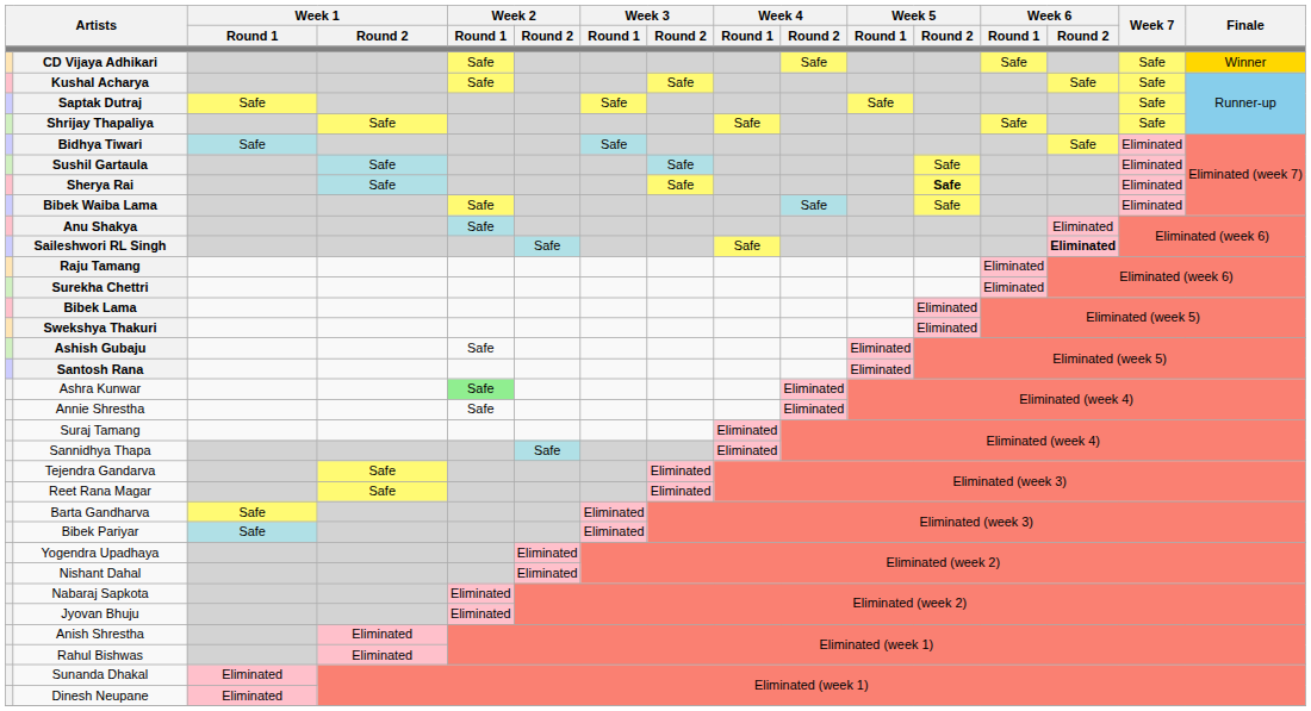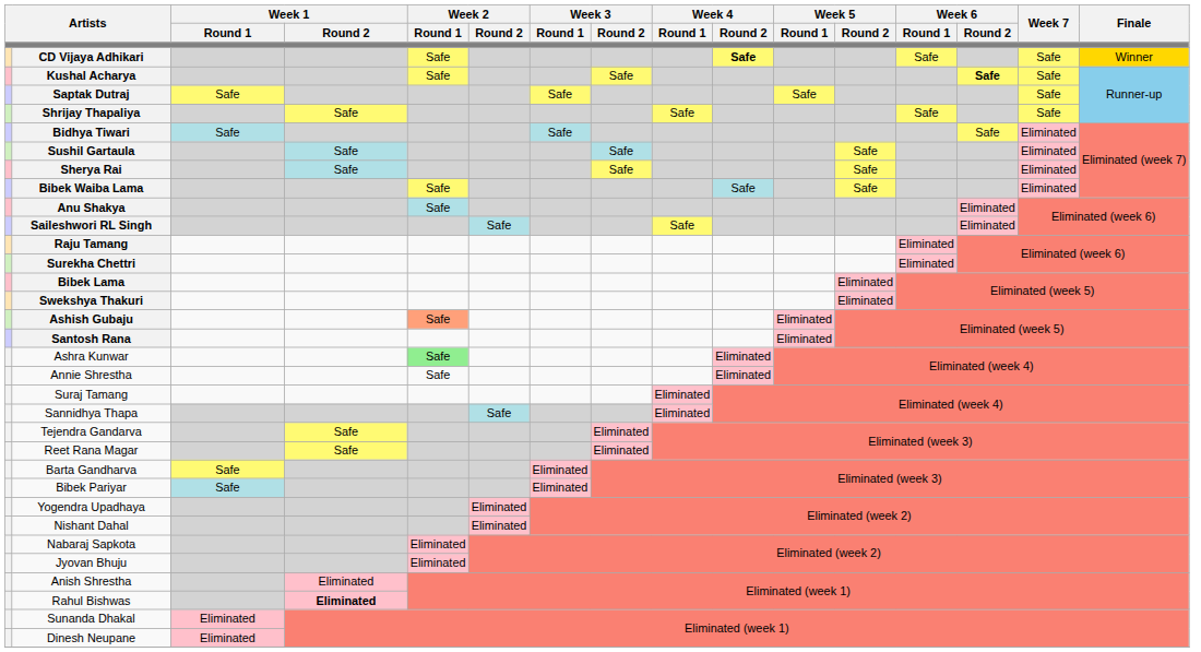 <table class="wikitable plainrowheaders" style="text-align:center; font-size:85%">
 <tr>
 <th colspan="2" rowspan="2" style="width:14%;">Artists</th>
 <th colspan="2" scope="col" style="width:20%;">Week 1</th>
 <th colspan="2" scope="col">Week 2</th>
 <th colspan="2" scope="col">Week 3</th>
 <th colspan="2" scope="col">Week 4</th>
 <th colspan="2" scope="col">Week 5</th>
 <th colspan="2" scope="col">Week 6</th>
 <th rowspan="2">Week 7</th>
 <th rowspan="2">Finale</th>
 </tr>
 <tr>
 <th scope="col">Round 1</th>
 <th scope="col">Round 2</th>
 <th scope="col">Round 1</th>
 <th scope="col">Round 2</th>
 <th scope="col">Round 1</th>
 <th scope="col">Round 2</th>
 <th scope="col">Round 1</th>
 <th scope="col">Round 2</th>
 <th scope="col">Round 1</th>
 <th scope="col">Round 2</th>
 <th scope="col">Round 1</th>
 <th scope="col">Round 2</th>
 </tr>
 <tr>
 <th colspan="20" style="background:gray;"></th>
 </tr>
 <tr>
 <th style="background:#ffe5b4;"></th>
 <th>CD Vijaya Adhikari</th>
 <td style="background:lightgray;"></td>
 <td style="background:lightgray;"></td>
 <td style="background:#fffa73;">Safe</td>
 <td style="background:lightgray;"></td>
 <td style="background:lightgray;"></td>
 <td style="background:lightgray;"></td>
 <td style="background:lightgray;"></td>
-<td style="background:#fffa73;">Safe</td>
+<td style="background:#fffa73;"><strong>Safe</strong></td>
 <td style="background:lightgray;"></td>
 <td style="background:lightgray;"></td>
 <td style="background:#fffa73;">Safe</td>
 <td style="background:lightgray;"></td>
 <td style="background:#fffa73;">Safe</td>
 <td style="background:gold;">Winner</td>
 </tr>
 <tr>
 <th style="background:pink;"></th>
 <th>Kushal Acharya</th>
 <td style="background:lightgray;"></td>
 <td style="background:lightgray;"></td>
 <td style="background:#fffa73;">Safe</td>
 <td style="background:lightgray;"></td>
 <td style="background:lightgray;"></td>
 <td style="background:#fffa73;">Safe</td>
 <td style="background:lightgray;"></td>
 <td style="background:lightgray;"></td>
 <td style="background:lightgray;"></td>
 <td style="background:lightgray;"></td>
 <td style="background:lightgray;"></td>
-<td style="background:#fffa73;">Safe</td>
+<td style="background:#fffa73;"><strong>Safe</strong></td>
 <td style="background:#fffa73;">Safe</td>
 <td rowspan="3" style="background:#87ceeb;">Runner-up</td>
 </tr>
 <tr>
 <th style="background:#ccf;"></th>
 <th>Saptak Dutraj</th>
 <td style="background:#fffa73;">Safe</td>
 <td style="background:lightgray;"></td>
 <td style="background:lightgray;"></td>
 <td style="background:lightgray;"></td>
 <td style="background:#fffa73;">Safe</td>
 <td style="background:lightgray;"></td>
 <td style="background:lightgray;"></td>
 <td style="background:lightgray;"></td>
 <td style="background:#fffa73;">Safe</td>
 <td style="background:lightgray;"></td>
 <td style="background:lightgray;"></td>
 <td style="background:lightgray;"></td>
 <td style="background:#fffa73;">Safe</td>
 </tr>
 <tr>
 <th style="background:#d0f0c0;"></th>
 <th>Shrijay Thapaliya</th>
 <td style="background:lightgray;"></td>
 <td style="background:#fffa73;">Safe</td>
 <td style="background:lightgray;"></td>
 <td style="background:lightgray;"></td>
 <td style="background:lightgray;"></td>
 <td style="background:lightgray;"></td>
 <td style="background:#fffa73;">Safe</td>
 <td style="background:lightgray;"></td>
 <td style="background:lightgray;"></td>
 <td style="background:lightgray;"></td>
 <td style="background:#fffa73;">Safe</td>
 <td style="background:lightgray;"></td>
 <td style="background:#fffa73;">Safe</td>
 </tr>
 <tr>
 <td style="background:#ccf;"></td>
 <th>Bidhya Tiwari</th>
 <td style="background:#b0e0e6;">Safe</td>
 <td style="background:lightgray;"></td>
 <td style="background:lightgray;"></td>
 <td style="background:lightgray;"></td>
 <td style="background:#b0e0e6;">Safe</td>
 <td style="background:lightgray;"></td>
 <td style="background:lightgray;"></td>
 <td style="background:lightgray;"></td>
 <td style="background:lightgray;"></td>
 <td style="background:lightgray;"></td>
 <td style="background:lightgray;"></td>
 <td style="background:#fffa73;">Safe</td>
 <td style="background:pink">Eliminated</td>
 <td rowspan="4" style="background:salmon">Eliminated (week 7)</td>
 </tr>
 <tr>
 <td bgcolor="#d0f0c0"></td>
 <th>Sushil Gartaula</th>
 <td style="background:lightgray;"></td>
 <td style="background:#b0e0e6;">Safe</td>
 <td style="background:lightgray;"></td>
 <td style="background:lightgray;"></td>
 <td style="background:lightgray;"></td>
 <td style="background:#b0e0e6;">Safe</td>
 <td style="background:lightgray;"></td>
 <td style="background:lightgray;"></td>
 <td style="background:lightgray;"></td>
 <td style="background:#fffa73;">Safe</td>
 <td style="background:lightgray;"></td>
 <td style="background:lightgray;"></td>
 <td style="background:pink">Eliminated</td>
 </tr>
 <tr>
 <th style="background:pink;"></th>
 <th>Sherya Rai</th>
 <td style="background:lightgray;"></td>
 <td style="background:#b0e0e6;">Safe</td>
 <td style="background:lightgray;"></td>
 <td style="background:lightgray;"></td>
 <td style="background:lightgray;"></td>
 <td style="background:#fffa73;">Safe</td>
 <td style="background:lightgray;"></td>
 <td style="background:lightgray;"></td>
 <td style="background:lightgray;"></td>
-<td style="background:#fffa73;"><strong>Safe</strong></td>
+<td style="background:#fffa73;">Safe</td>
 <td style="background:lightgray;"></td>
 <td style="background:lightgray;"></td>
 <td style="background:pink">Eliminated</td>
 </tr>
 <tr>
 <th style="background:#ccf;"></th>
 <th>Bibek Waiba Lama</th>
 <td style="background:lightgray;"></td>
 <td style="background:lightgray;"></td>
 <td style="background:#fffa73;">Safe</td>
 <td style="background:lightgray;"></td>
 <td style="background:lightgray;"></td>
 <td style="background:lightgray;"></td>
 <td style="background:lightgray;"></td>
 <td style="background:#b0e0e6;">Safe</td>
 <td style="background:lightgray;"></td>
 <td style="background:#fffa73;">Safe</td>
 <td style="background:lightgray;"></td>
 <td style="background:lightgray;"></td>
 <td style="background:pink">Eliminated</td>
 </tr>
 <tr>
 <th style="background:pink;"></th>
 <th>Anu Shakya</th>
 <td style="background:lightgray;"></td>
 <td style="background:lightgray;"></td>
 <td style="background:#b0e0e6;">Safe</td>
 <td style="background:lightgray;"></td>
 <td style="background:lightgray;"></td>
 <td style="background:lightgray;"></td>
 <td style="background:lightgray;"></td>
 <td style="background:lightgray;"></td>
 <td style="background:lightgray;"></td>
 <td style="background:lightgray;"></td>
 <td style="background:lightgray;"></td>
 <td style="background:pink">Eliminated</td>
 <td colspan="2" rowspan="2" style="background:salmon">Eliminated (week 6)</td>
 </tr>
 <tr>
 <th style="background:#ccf;"></th>
 <th>Saileshwori RL Singh</th>
 <td style="background:lightgray;"></td>
 <td style="background:lightgray;"></td>
 <td style="background:lightgray;"></td>
 <td style="background:#b0e0e6;">Safe</td>
 <td style="background:lightgray;"></td>
 <td style="background:lightgray;"></td>
 <td style="background:#fffa73;">Safe</td>
 <td style="background:lightgray;"></td>
 <td style="background:lightgray;"></td>
 <td style="background:lightgray;"></td>
 <td style="background:lightgray;"></td>
-<td style="background:pink"><strong>Eliminated</strong></td>
+<td style="background:pink">Eliminated</td>
 </tr>
 <tr>
 <th style="background:#ffe5b4;"></th>
 <th scope="col">Raju Tamang</th>
 <td></td>
 <td></td>
 <td></td>
 <td></td>
 <td></td>
 <td></td>
 <td></td>
 <td></td>
 <td></td>
 <td></td>
 <td style="background:pink">Eliminated</td>
 <td colspan="3" rowspan="2" style="background:salmon">Eliminated (week 6)</td>
 </tr>
 <tr>
 <th style="background:#d0f0c0;"></th>
 <th>Surekha Chettri</th>
 <td></td>
 <td></td>
 <td></td>
 <td></td>
 <td></td>
 <td></td>
 <td></td>
 <td></td>
 <td></td>
 <td></td>
 <td style="background:pink">Eliminated</td>
 </tr>
 <tr>
 <th style="background:pink;"></th>
 <th>Bibek Lama</th>
 <td></td>
 <td></td>
 <td></td>
 <td></td>
 <td></td>
 <td></td>
 <td></td>
 <td></td>
 <td></td>
 <td style="background:pink">Eliminated</td>
 <td colspan="4" rowspan="2" style="background:salmon">Eliminated (week 5)</td>
 </tr>
 <tr>
 <th style="background:#ffe5b4;"></th>
 <th>Swekshya Thakuri</th>
 <td></td>
 <td></td>
 <td></td>
 <td></td>
 <td></td>
 <td></td>
 <td></td>
 <td></td>
 <td></td>
 <td style="background:pink">Eliminated</td>
 </tr>
 <tr>
 <th style="background:#d0f0c0;"></th>
 <th>Ashish Gubaju</th>
 <td></td>
 <td></td>
-<td>Safe</td>
+<td style="background: lightsalmon;">Safe</td>
 <td></td>
 <td></td>
 <td></td>
 <td></td>
 <td></td>
 <td style="background:pink">Eliminated</td>
 <td colspan="5" rowspan="2" style="background:salmon">Eliminated (week 5)</td>
 </tr>
 <tr>
 <th style="background:#ccf;"></th>
 <th>Santosh Rana</th>
 <td></td>
 <td></td>
 <td></td>
 <td></td>
 <td></td>
 <td></td>
 <td></td>
 <td></td>
 <td style="background:pink">Eliminated</td>
 </tr>
 <tr>
 <th></th>
 <td>Ashra Kunwar</td>
 <td></td>
 <td></td>
 <td style="background: lightgreen;">Safe</td>
 <td></td>
 <td></td>
 <td></td>
 <td></td>
 <td style="background:pink">Eliminated</td>
 <td colspan="6" rowspan="2" style="background:salmon">Eliminated (week 4)</td>
 </tr>
 <tr>
 <th></th>
 <td>Annie Shrestha</td>
 <td></td>
 <td></td>
 <td>Safe</td>
 <td></td>
 <td></td>
 <td></td>
 <td></td>
 <td style="background:pink">Eliminated</td>
 </tr>
 <tr>
 <th></th>
 <td>Suraj Tamang</td>
 <td></td>
 <td></td>
 <td></td>
 <td></td>
 <td></td>
 <td></td>
 <td style="background:pink">Eliminated</td>
 <td colspan="7" rowspan="2" style="background:salmon">Eliminated (week 4)</td>
 </tr>
 <tr>
 <th></th>
 <td>Sannidhya Thapa</td>
 <td style="background:lightgray;"></td>
 <td style="background:lightgray;"></td>
 <td style="background:lightgray;"></td>
 <td style="background:#b0e0e6;">Safe</td>
 <td style="background:lightgray;"></td>
 <td style="background:lightgray;"></td>
 <td style="background:pink">Eliminated</td>
 </tr>
 <tr>
 <th></th>
 <td>Tejendra Gandarva</td>
 <td style="background:lightgray;"></td>
 <td style="background:#fffa73;">Safe</td>
 <td style="background:lightgray;"></td>
 <td style="background:lightgray;"></td>
 <td style="background:lightgray;"></td>
 <td style="background:pink">Eliminated</td>
 <td colspan="8" rowspan="2" style="background:salmon">Eliminated (week 3)</td>
 </tr>
 <tr>
 <th></th>
 <td>Reet Rana Magar</td>
 <td style="background:lightgray;"></td>
 <td style="background:#fffa73;">Safe</td>
 <td style="background:lightgray;"></td>
 <td style="background:lightgray;"></td>
 <td style="background:lightgray;"></td>
 <td style="background:pink">Eliminated</td>
 </tr>
 <tr>
 <th></th>
 <td>Barta Gandharva</td>
 <td style="background:#fffa73">Safe</td>
 <td style="background:lightgray"></td>
 <td style="background:lightgray"></td>
 <td style="background:lightgray"></td>
 <td style="background:pink">Eliminated</td>
 <td colspan="9" rowspan="2" style="background:salmon">Eliminated (week 3)</td>
 </tr>
 <tr>
 <th></th>
 <td>Bibek Pariyar</td>
 <td style="background:#b0e0e6">Safe</td>
 <td style="background:lightgray"></td>
 <td style="background:lightgray"></td>
 <td style="background:lightgray"></td>
 <td style="background:pink">Eliminated</td>
 </tr>
 <tr>
 <th></th>
 <td>Yogendra Upadhaya</td>
 <td style="background:lightgray"></td>
 <td style="background:lightgray"></td>
 <td style="background:lightgray"></td>
 <td style="background:pink">Eliminated</td>
 <td colspan="10" rowspan="2" style="background:salmon">Eliminated (week 2)</td>
 </tr>
 <tr>
 <th></th>
 <td>Nishant Dahal</td>
 <td style="background:lightgray"></td>
 <td style="background:lightgray"></td>
 <td style="background:lightgray"></td>
 <td style="background:pink">Eliminated</td>
 </tr>
 <tr>
 <th></th>
 <td>Nabaraj Sapkota</td>
 <td style="background:lightgray"></td>
 <td style="background:lightgray"></td>
 <td style="background:pink">Eliminated</td>
 <td colspan="11" rowspan="2" style="background:salmon">Eliminated (week 2)</td>
 </tr>
 <tr>
 <th></th>
 <td>Jyovan Bhuju</td>
 <td style="background:lightgray"></td>
 <td style="background:lightgray"></td>
 <td style="background:pink">Eliminated</td>
 </tr>
 <tr>
 <th></th>
 <td>Anish Shrestha</td>
 <td style="background:lightgray"></td>
 <td style="background:pink">Eliminated</td>
 <td colspan="12" rowspan="2" style="background:salmon">Eliminated (week 1)</td>
 </tr>
 <tr>
 <th></th>
 <td>Rahul Bishwas</td>
 <td style="background:lightgray;"></td>
-<td style="background:pink">Eliminated</td>
+<td style="background:pink"><strong>Eliminated</strong></td>
 </tr>
 <tr>
 <th></th>
 <td>Sunanda Dhakal</td>
 <td style="background:pink">Eliminated</td>
 <td colspan="13" rowspan="2" style="background:salmon">Eliminated (week 1)</td>
 </tr>
 <tr>
 <th></th>
 <td>Dinesh Neupane</td>
 <td style="background:pink">Eliminated</td>
 </tr>
 <tr>
 </tr>
 </table>
